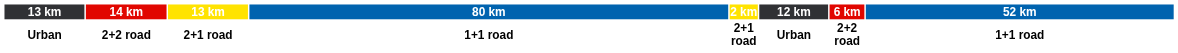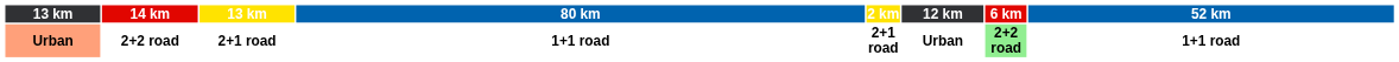 <table style="width:100%; font-weight:bold; text-align:center">
 <tr>
 <td style="background:#303134; width:7%; color:white">13 km</td>
 <td style="background:#E10600; width:7%; color:white">14 km</td>
 <td style="background:#FFE300; width:7%; color:white">13 km</td>
 <td style="background:#0063AF; width:42%; color:white">80 km</td>
 <td style="background:#FFE300; width:1%; color:white">2 km</td>
 <td style="background:#303134; width:6%; color:white">12 km</td>
 <td style="background:#E10600; width:3%; color:white">6 km</td>
 <td style="background:#0063AF; width:27%; color:white">52 km</td>
 </tr>
 <tr>
-<td>Urban</td>
+<td style="background: lightsalmon;">Urban</td>
 <td>2+2 road</td>
 <td>2+1 road</td>
 <td>1+1 road</td>
 <td>2+1 road</td>
 <td>Urban</td>
-<td>2+2 road</td>
+<td style="background: lightgreen;">2+2 road</td>
 <td>1+1 road</td>
 </tr>
 </table>
